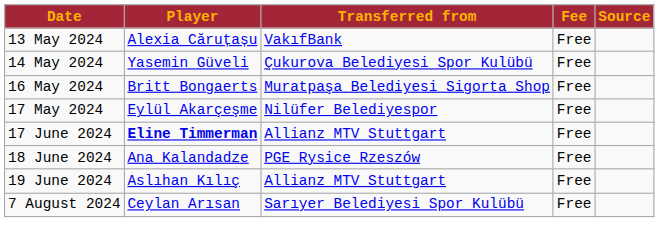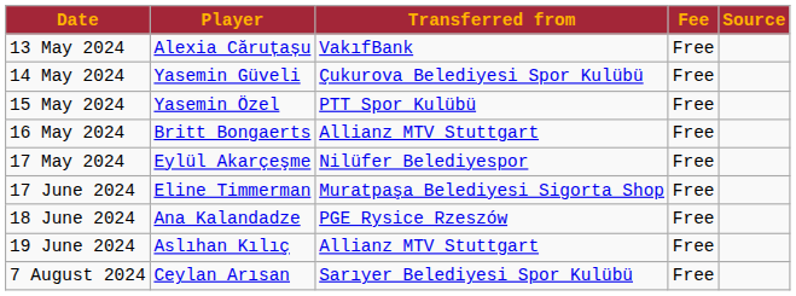 <table class="wikitable plainrowheaders sortable">
 <tr>
 <th style="background:#A32638; color:#FFB300; ">Date</th>
 <th style="background:#A32638; color:#FFB300; ">Player</th>
 <th style="background:#A32638; color:#FFB300; ">Transferred from</th>
 <th style="background:#A32638; color:#FFB300; ">Fee</th>
 <th style="background:#A32638; color:#FFB300; ">Source</th>
 </tr>
 <tr>
 <td>13 May 2024</td>
 <td align=left> <a href='#'>Alexia Căruțașu</a></td>
 <td align=left> <a href='#'>VakıfBank</a></td>
 <td>Free</td>
 <td></td>
 </tr>
 <tr>
 <td>14 May 2024</td>
 <td align=left> <a href='#'>Yasemin Güveli</a></td>
 <td align=left> <a href='#'>Çukurova Belediyesi Spor Kulübü</a></td>
 <td>Free</td>
 <td></td>
 </tr>
 <tr>
+<td>15 May 2024</td>
+<td align=left> <a href='#'>Yasemin Özel</a></td>
+<td align=left> <a href='#'>PTT Spor Kulübü</a></td>
+<td>Free</td>
+<td></td>
+</tr>
+<tr>
 <td>16 May 2024</td>
 <td align=left> <a href='#'>Britt Bongaerts</a></td>
-<td align=left> <a href='#'>Muratpaşa Belediyesi Sigorta Shop</a></td>
+<td align=left> <a href='#'>Allianz MTV Stuttgart</a></td>
 <td>Free</td>
 <td></td>
 </tr>
 <tr>
 <td>17 May 2024</td>
 <td align=left> <a href='#'>Eylül Akarçeşme</a></td>
 <td align=left> <a href='#'>Nilüfer Belediyespor</a></td>
 <td>Free</td>
 <td></td>
 </tr>
 <tr>
 <td>17 June 2024</td>
-<td align=left><strong> <a href='#'>Eline Timmerman</a></strong></td>
-<td align=left> <a href='#'>Allianz MTV Stuttgart</a></td>
+<td align=left> <a href='#'>Eline Timmerman</a></td>
+<td align=left> <a href='#'>Muratpaşa Belediyesi Sigorta Shop</a></td>
 <td>Free</td>
 <td></td>
 </tr>
 <tr>
 <td>18 June 2024</td>
 <td align=left> <a href='#'>Ana Kalandadze</a></td>
 <td align=left> <a href='#'>PGE Rysice Rzeszów</a></td>
 <td>Free</td>
 <td></td>
 </tr>
 <tr>
 <td>19 June 2024</td>
 <td align=left> <a href='#'>Aslıhan Kılıç</a></td>
 <td align=left> <a href='#'>Allianz MTV Stuttgart</a></td>
 <td>Free</td>
 <td></td>
 </tr>
 <tr>
 <td>7 August 2024</td>
 <td align=left> <a href='#'>Ceylan Arısan</a></td>
 <td align=left> <a href='#'>Sarıyer Belediyesi Spor Kulübü</a></td>
 <td>Free</td>
 <td></td>
 </tr>
 </table>
